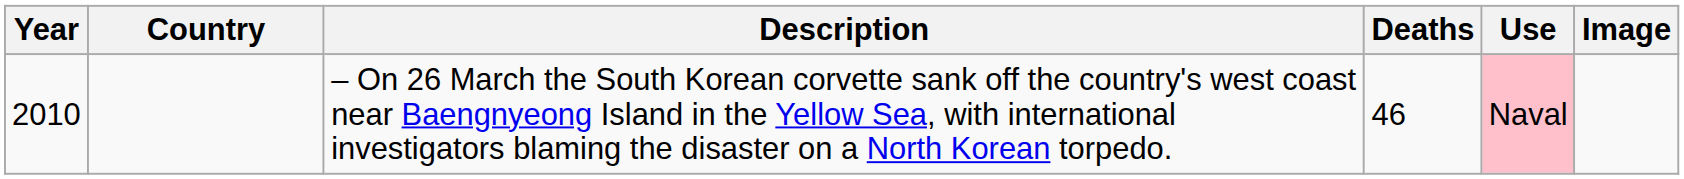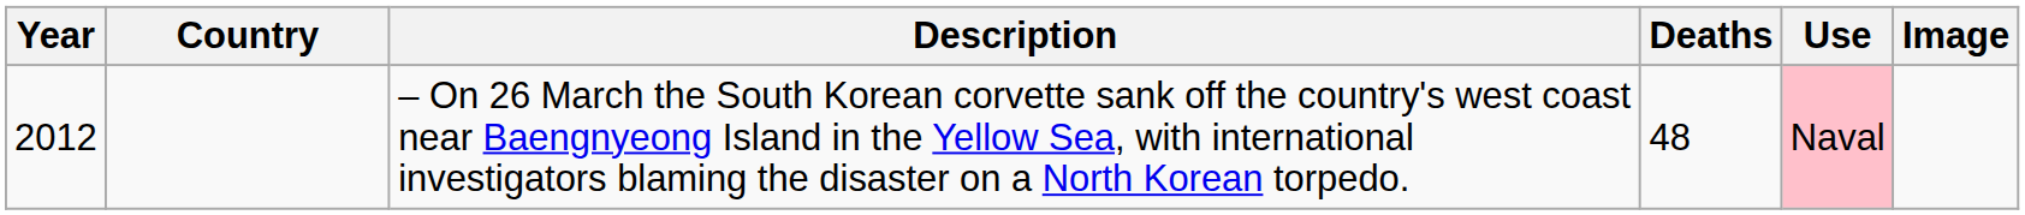 <table class="wikitable sortable" style="display: inline-table;">
 <tr>
 <th data-sort-type="number">Year</th>
 <th width=115px>Country</th>
 <th>Description</th>
 <th data-sort-type="number">Deaths</th>
 <th>Use</th>
 <th class="unsortable">Image</th>
 </tr>
 <tr>
-<td>2010</td>
+<td>2012</td>
 <td></td>
 <td> – On 26 March the South Korean corvette sank off the country's west coast near <a href='#'>Baengnyeong</a> Island in the <a href='#'>Yellow Sea</a>, with international investigators blaming the disaster on a <a href='#'>North Korean</a> torpedo.</td>
-<td>46</td>
+<td>48</td>
 <td style="background: pink;">Naval</td>
 <td></td>
 </tr>
 </table>
